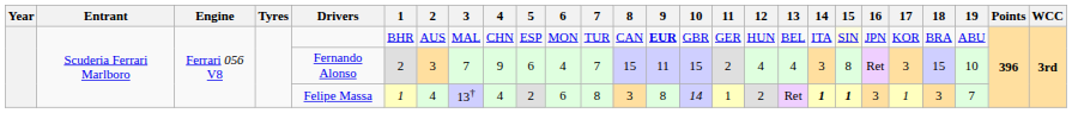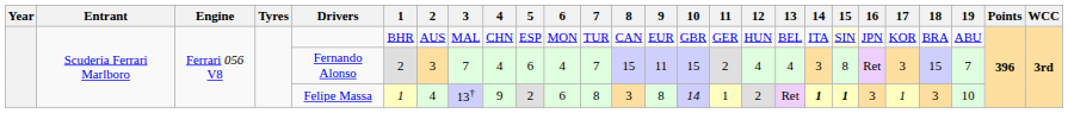 <table class="wikitable" style="text-align:center; font-size:95%">
 <tr>
 <th>Year</th>
 <th>Entrant</th>
 <th>Engine</th>
 <th>Tyres</th>
 <th>Drivers</th>
 <th>1</th>
 <th>2</th>
 <th>3</th>
 <th>4</th>
 <th>5</th>
 <th>6</th>
 <th>7</th>
 <th>8</th>
 <th>9</th>
 <th>10</th>
 <th>11</th>
 <th>12</th>
 <th>13</th>
 <th>14</th>
 <th>15</th>
 <th>16</th>
 <th>17</th>
 <th>18</th>
 <th>19</th>
 <th>Points</th>
 <th>WCC</th>
 </tr>
 <tr>
 <th rowspan=3></th>
 <td rowspan=3><a href='#'>Scuderia Ferrari</a> <a href='#'>Marlboro</a></td>
 <td rowspan=3><a href='#'>Ferrari</a> <em>056</em> <a href='#'>V8</a></td>
 <td rowspan=3></td>
 <td></td>
 <td><a href='#'>BHR</a></td>
 <td><a href='#'>AUS</a></td>
 <td><a href='#'>MAL</a></td>
 <td><a href='#'>CHN</a></td>
 <td><a href='#'>ESP</a></td>
 <td><a href='#'>MON</a></td>
 <td><a href='#'>TUR</a></td>
 <td><a href='#'>CAN</a></td>
-<td><strong><a href='#'>EUR</a></strong></td>
+<td><a href='#'>EUR</a></td>
 <td><a href='#'>GBR</a></td>
 <td><a href='#'>GER</a></td>
 <td><a href='#'>HUN</a></td>
 <td><a href='#'>BEL</a></td>
 <td><a href='#'>ITA</a></td>
 <td style="background: lightyellow;"><a href='#'>SIN</a></td>
 <td><a href='#'>JPN</a></td>
 <td><a href='#'>KOR</a></td>
 <td><a href='#'>BRA</a></td>
 <td><a href='#'>ABU</a></td>
 <td rowspan=3 style="background:#ffdf9f;"><strong>396</strong></td>
 <td rowspan=3 style="background:#ffdf9f;"><strong>3rd</strong></td>
 </tr>
 <tr>
 <td> <a href='#'>Fernando Alonso</a></td>
 <td style="background:#dfdfdf;">2</td>
 <td style="background:#FFDF9F;">3</td>
 <td style="background:#DFFFDF;">7</td>
-<td style="background:#DFFFDF;">9</td>
+<td style="background:#DFFFDF;">4</td>
 <td style="background:#DFFFDF;">6</td>
 <td style="background:#DFFFDF;">4</td>
 <td style="background:#DFFFDF;">7</td>
 <td style="background:#CFCFFF;">15</td>
 <td style="background:#CFCFFF;">11</td>
 <td style="background:#CFCFFF;">15</td>
 <td style="background:#dfdfdf;">2</td>
 <td style="background:#DFFFDF;">4</td>
 <td style="background:#DFFFDF;">4</td>
 <td style="background:#FFDF9F;">3</td>
 <td style="background:#DFFFDF;">8</td>
 <td style="background:#EFCFFF;">Ret</td>
 <td style="background:#FFDF9F;">3</td>
 <td style="background:#CFCFFF;">15</td>
-<td style="background:#DFFFDF;">10</td>
+<td style="background:#DFFFDF;">7</td>
 </tr>
 <tr>
 <td> <a href='#'>Felipe Massa</a></td>
 <td style="background:#ffffbf;"><em>1</em></td>
 <td style="background:#DFFFDF;">4</td>
 <td style="background:#cfcfff;">13<sup>†</sup></td>
-<td style="background:#DFFFDF;">4</td>
+<td style="background:#DFFFDF;">9</td>
 <td style="background:#dfdfdf;">2</td>
 <td style="background:#DFFFDF;">6</td>
 <td style="background:#DFFFDF;">8</td>
 <td style="background:#FFDF9F;">3</td>
 <td style="background:#DFFFDF;">8</td>
 <td style="background:#CFCFFF;"><em>14</em></td>
 <td style="background:#ffffbf;">1</td>
 <td style="background:#dfdfdf;">2</td>
 <td style="background:#EFCFFF;">Ret</td>
 <td style="background:#ffffbf;"><strong><em>1</em></strong></td>
 <td style="background:#ffffbf;"><strong><em>1</em></strong></td>
 <td style="background:#FFDF9F;">3</td>
 <td style="background:#ffffbf;"><em>1</em></td>
 <td style="background:#FFDF9F;">3</td>
-<td style="background:#DFFFDF;">7</td>
+<td style="background:#DFFFDF;">10</td>
 </tr>
 </table>
